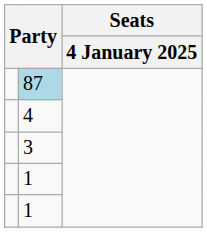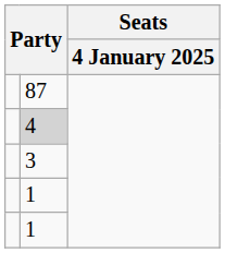 <table class="wikitable">
 <tr>
 <th colspan="2" rowspan="2">Party</th>
 <th colspan="3">Seats</th>
 </tr>
 <tr>
 <th>4 January 2025</th>
 </tr>
 <tr>
 <td></td>
-<td style="background: lightblue;">87</td>
+<td>87</td>
 </tr>
 <tr>
 <td></td>
-<td>4</td>
+<td style="background: lightgrey;">4</td>
 </tr>
 <tr>
 <td></td>
 <td>3</td>
 </tr>
 <tr>
 <td></td>
 <td>1</td>
 </tr>
 <tr>
 <td></td>
 <td>1</td>
 </tr>
 </table>
